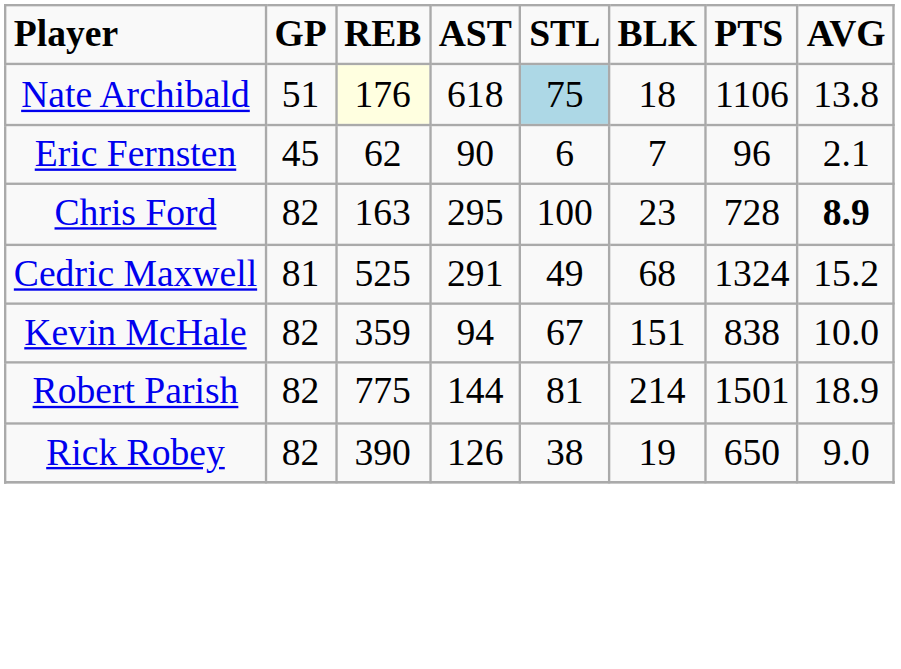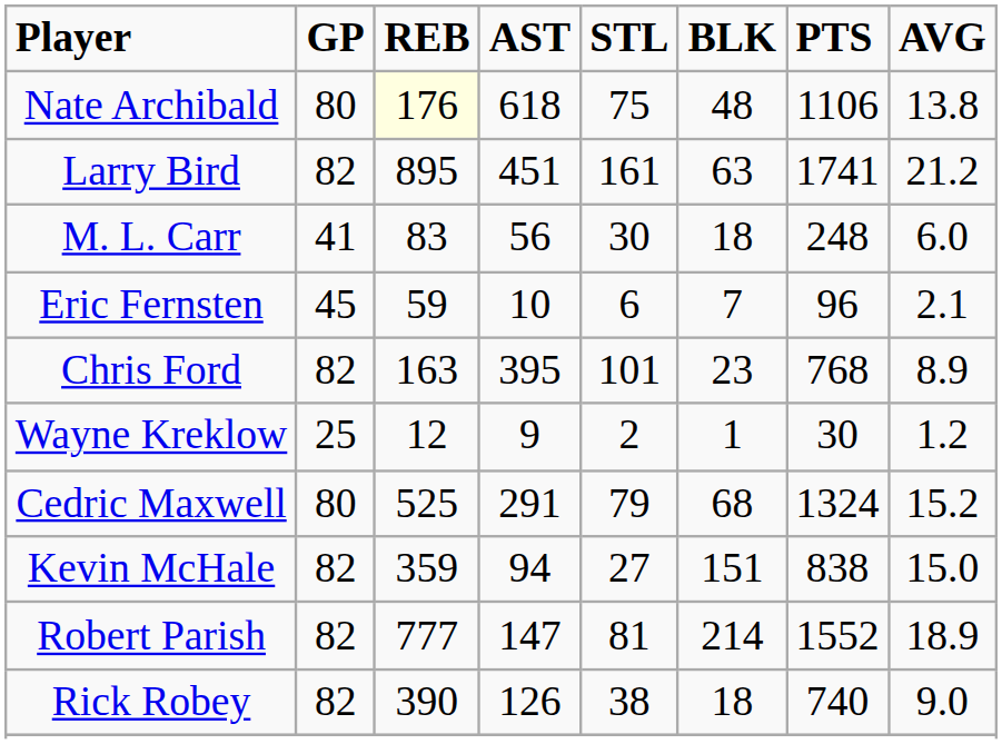 <table class="wikitable">
 <tr style="font-weight:bold; ">
 <td>Player</td>
 <td>GP</td>
 <td>REB</td>
 <td>AST</td>
 <td>STL</td>
 <td>BLK</td>
 <td>PTS</td>
 <td>AVG</td>
 </tr>
 <tr align="center">
 <td><a href='#'>Nate Archibald</a></td>
-<td>51</td>
+<td>80</td>
 <td style="background: lightyellow;">176</td>
 <td>618</td>
-<td style="background: lightblue;">75</td>
-<td>18</td>
+<td>75</td>
+<td>48</td>
 <td>1106</td>
 <td>13.8</td>
 </tr>
 <tr align="center">
+<td><a href='#'>Larry Bird</a></td>
+<td>82</td>
+<td>895</td>
+<td>451</td>
+<td>161</td>
+<td>63</td>
+<td>1741</td>
+<td>21.2</td>
+</tr>
+<tr align="center">
+<td><a href='#'>M. L. Carr</a></td>
+<td>41</td>
+<td>83</td>
+<td>56</td>
+<td>30</td>
+<td>18</td>
+<td>248</td>
+<td>6.0</td>
+</tr>
+<tr align="center">
 <td><a href='#'>Eric Fernsten</a></td>
 <td>45</td>
-<td>62</td>
-<td>90</td>
+<td>59</td>
+<td>10</td>
 <td>6</td>
 <td>7</td>
 <td>96</td>
 <td>2.1</td>
 </tr>
 <tr align="center">
 <td><a href='#'>Chris Ford</a></td>
 <td>82</td>
 <td>163</td>
-<td>295</td>
-<td>100</td>
+<td>395</td>
+<td>101</td>
 <td>23</td>
-<td>728</td>
-<td><strong>8.9</strong></td>
+<td>768</td>
+<td>8.9</td>
+</tr>
+<tr align="center">
+<td><a href='#'>Wayne Kreklow</a></td>
+<td>25</td>
+<td>12</td>
+<td>9</td>
+<td>2</td>
+<td>1</td>
+<td>30</td>
+<td>1.2</td>
 </tr>
 <tr align="center">
 <td><a href='#'>Cedric Maxwell</a></td>
-<td>81</td>
+<td>80</td>
 <td>525</td>
 <td>291</td>
-<td>49</td>
+<td>79</td>
 <td>68</td>
 <td>1324</td>
 <td>15.2</td>
 </tr>
 <tr align="center">
 <td><a href='#'>Kevin McHale</a></td>
 <td>82</td>
 <td>359</td>
 <td>94</td>
-<td>67</td>
+<td>27</td>
 <td>151</td>
 <td>838</td>
-<td>10.0</td>
+<td>15.0</td>
 </tr>
 <tr align="center">
 <td><a href='#'>Robert Parish</a></td>
 <td>82</td>
-<td>775</td>
-<td>144</td>
+<td>777</td>
+<td>147</td>
 <td>81</td>
 <td>214</td>
-<td>1501</td>
+<td>1552</td>
 <td>18.9</td>
 </tr>
 <tr align="center">
 <td><a href='#'>Rick Robey</a></td>
 <td>82</td>
 <td>390</td>
 <td>126</td>
 <td>38</td>
-<td>19</td>
-<td>650</td>
+<td>18</td>
+<td>740</td>
 <td>9.0</td>
 </tr>
 <tr align="center">
 </tr>
 <tr>
 </tr>
 </table>
